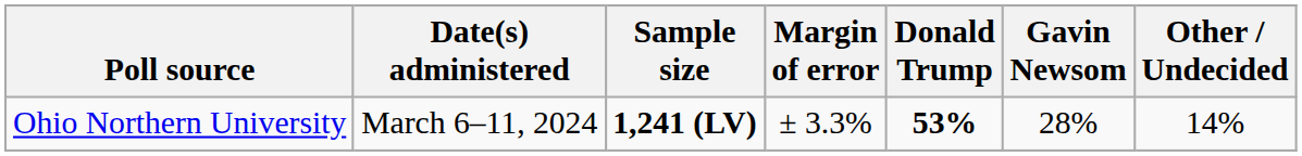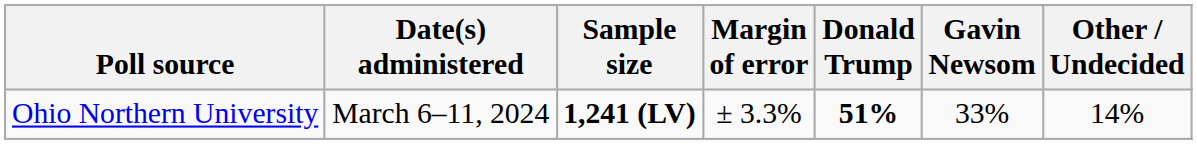 <table class="wikitable sortable mw-datatable" style="font-size:90%;text-align:center;line-height:17px">
 <tr valign=bottom>
 <th>Poll source</th>
 <th>Date(s)<br>administered</th>
 <th>Sample<br>size</th>
 <th>Margin<br>of error</th>
 <th class="unsortable">Donald<br>Trump<br></th>
 <th class="unsortable">Gavin<br>Newsom<br></th>
 <th class="unsortable">Other /<br>Undecided</th>
 </tr>
 <tr>
 <td style="text-align:left;"><a href='#'>Ohio Northern University</a><br></td>
 <td data-sort-value="2024-03-13">March 6–11, 2024</td>
 <td><strong>1,241 (LV)</strong></td>
 <td>± 3.3%</td>
-<td style="background-color:"><strong>53%</strong></td>
-<td>28%</td>
+<td style="background-color:"><strong>51%</strong></td>
+<td>33%</td>
 <td>14%</td>
 </tr>
 </table>
